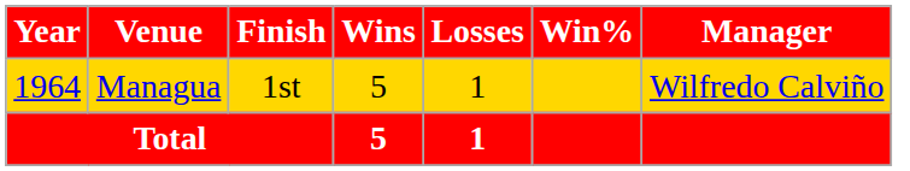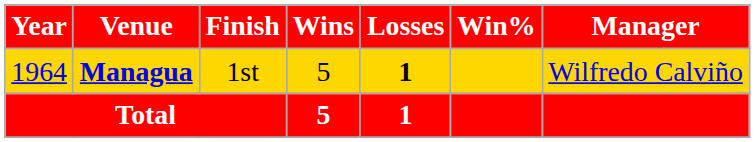 <table class="wikitable sortable plainrowheaders" style="text-align:center;">
 <tr>
 <th scope="col" style="background-color:red; color:#FFFFFF;">Year</th>
 <th scope="col" style="background-color:red; color:#FFFFFF;">Venue</th>
 <th scope="col" style="background-color:red; color:#FFFFFF;">Finish</th>
 <th scope="col" style="background-color:red; color:#FFFFFF;">Wins</th>
 <th scope="col" style="background-color:red; color:#FFFFFF;">Losses</th>
 <th scope="col" style="background-color:red; color:#FFFFFF;">Win%</th>
 <th scope="col" style="background-color:red; color:#FFFFFF;">Manager</th>
 </tr>
 <tr style="background:gold;">
 <td><a href='#'>1964</a></td>
-<td align=left> <a href='#'>Managua</a></td>
+<td align=left><strong> <a href='#'>Managua</a></strong></td>
 <td>1st</td>
 <td>5</td>
-<td>1</td>
+<td><strong>1</strong></td>
 <td></td>
 <td align=left> <a href='#'>Wilfredo Calviño</a></td>
 </tr>
 <tr style="text-align:center; background-color:red; color:#FFFFFF;">
 <td colspan="3"><strong>Total</strong></td>
 <td><strong>5</strong></td>
 <td><strong>1</strong></td>
 <td><strong></strong></td>
 <td></td>
 </tr>
 </table>
